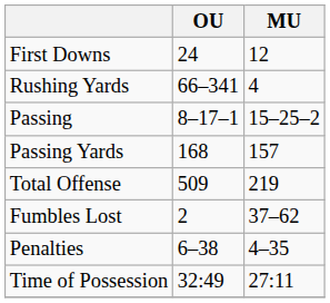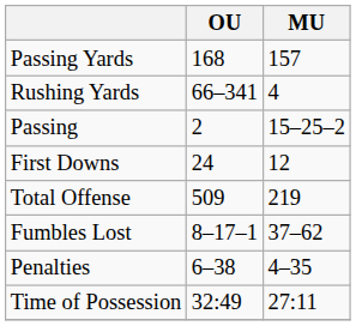 <table class="wikitable">
 <tr>
 <th></th>
 <th>OU</th>
 <th>MU</th>
 </tr>
 <tr>
-<td>First Downs</td>
-<td>24</td>
-<td>12</td>
+<td>Passing Yards</td>
+<td>168</td>
+<td>157</td>
 </tr>
 <tr>
 <td>Rushing Yards</td>
 <td>66–341</td>
 <td>4</td>
 </tr>
 <tr>
 <td>Passing</td>
-<td>8–17–1</td>
+<td>2</td>
 <td>15–25–2</td>
 </tr>
 <tr>
-<td>Passing Yards</td>
-<td>168</td>
-<td>157</td>
+<td>First Downs</td>
+<td>24</td>
+<td>12</td>
 </tr>
 <tr>
 <td>Total Offense</td>
 <td>509</td>
 <td>219</td>
 </tr>
 <tr>
 <td>Fumbles Lost</td>
-<td>2</td>
+<td>8–17–1</td>
 <td>37–62</td>
 </tr>
 <tr>
 <td>Penalties</td>
 <td>6–38</td>
 <td>4–35</td>
 </tr>
 <tr>
 <td>Time of Possession</td>
 <td>32:49</td>
 <td>27:11</td>
 </tr>
 <tr>
 </tr>
 </table>
